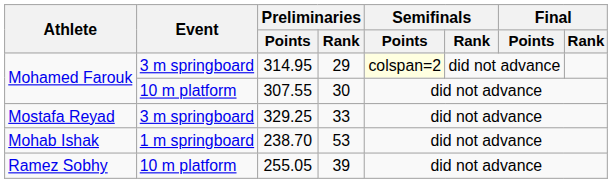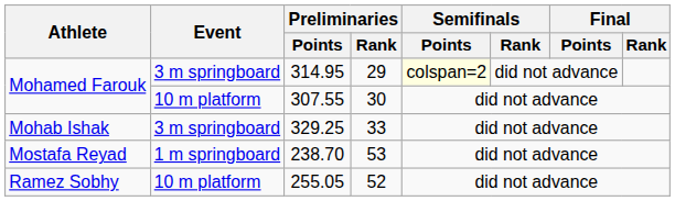 <table class="wikitable" style="font-size:90%">
 <tr>
 <th rowspan="2">Athlete</th>
 <th rowspan="2">Event</th>
 <th colspan="2">Preliminaries</th>
 <th colspan="2">Semifinals</th>
 <th colspan="2">Final</th>
 </tr>
 <tr style="font-size:95%">
 <th>Points</th>
 <th>Rank</th>
 <th>Points</th>
 <th>Rank</th>
 <th>Points</th>
 <th>Rank</th>
 </tr>
 <tr align="center">
 <td align="left" rowspan=2><a href='#'>Mohamed Farouk</a></td>
 <td align="left"><a href='#'>3 m springboard</a></td>
 <td>314.95</td>
 <td>29</td>
 <td style="background: lightyellow;">colspan=2 </td>
 <td colspan=2>did not advance</td>
 </tr>
 <tr align="center">
 <td align="left"><a href='#'>10 m platform</a></td>
 <td>307.55</td>
 <td>30</td>
 <td colspan="4">did not advance</td>
 </tr>
 <tr align="center">
-<td align="left"><a href='#'>Mostafa Reyad</a></td>
+<td align="left"><a href='#'>Mohab Ishak</a></td>
 <td align="left"><a href='#'>3 m springboard</a></td>
 <td>329.25</td>
 <td>33</td>
 <td colspan=4>did not advance</td>
 </tr>
 <tr align="center">
-<td align="left"><a href='#'>Mohab Ishak</a></td>
+<td align="left"><a href='#'>Mostafa Reyad</a></td>
 <td align="left"><a href='#'>1 m springboard</a></td>
 <td>238.70</td>
 <td>53</td>
 <td colspan=4>did not advance</td>
 </tr>
 <tr align="center">
 <td align="left"><a href='#'>Ramez Sobhy</a></td>
 <td align="left"><a href='#'>10 m platform</a></td>
 <td>255.05</td>
-<td>39</td>
+<td>52</td>
 <td colspan="4">did not advance</td>
 </tr>
 </table>
